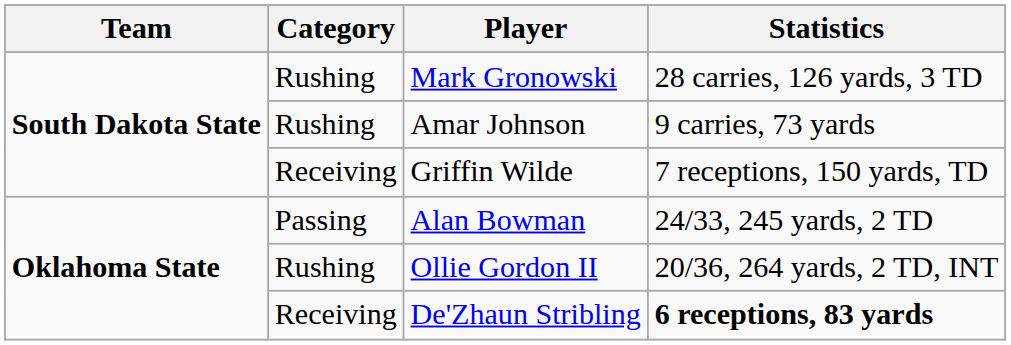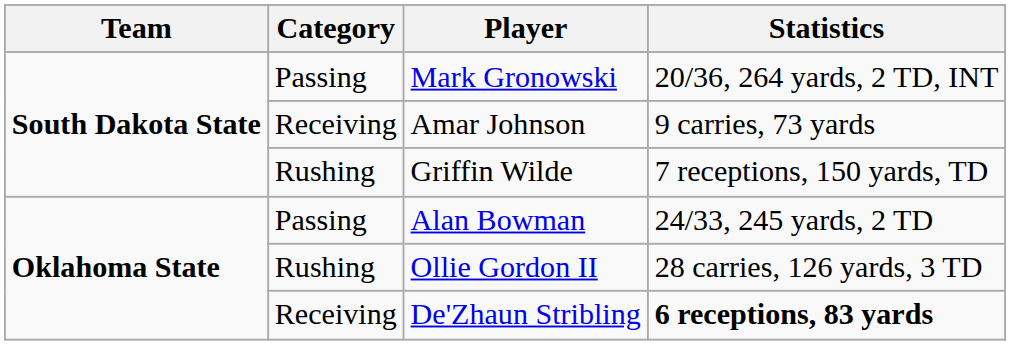 <table class="wikitable" style="float: left;">
 <tr>
 <th>Team</th>
 <th>Category</th>
 <th>Player</th>
 <th>Statistics</th>
 </tr>
 <tr>
 <td rowspan=3><strong>South Dakota State</strong></td>
-<td>Rushing</td>
+<td>Passing</td>
 <td><a href='#'>Mark Gronowski</a></td>
-<td>28 carries, 126 yards, 3 TD</td>
+<td>20/36, 264 yards, 2 TD, INT</td>
 </tr>
 <tr>
-<td>Rushing</td>
+<td>Receiving</td>
 <td>Amar Johnson</td>
 <td>9 carries, 73 yards</td>
 </tr>
 <tr>
-<td>Receiving</td>
+<td>Rushing</td>
 <td>Griffin Wilde</td>
 <td>7 receptions, 150 yards, TD</td>
 </tr>
 <tr>
 <td rowspan=3><strong>Oklahoma State</strong></td>
 <td>Passing</td>
 <td><a href='#'>Alan Bowman</a></td>
 <td>24/33, 245 yards, 2 TD</td>
 </tr>
 <tr>
 <td>Rushing</td>
 <td><a href='#'>Ollie Gordon II</a></td>
-<td>20/36, 264 yards, 2 TD, INT</td>
+<td>28 carries, 126 yards, 3 TD</td>
 </tr>
 <tr>
 <td>Receiving</td>
 <td><a href='#'>De'Zhaun Stribling</a></td>
 <td><strong>6 receptions, 83 yards</strong></td>
 </tr>
 </table>
